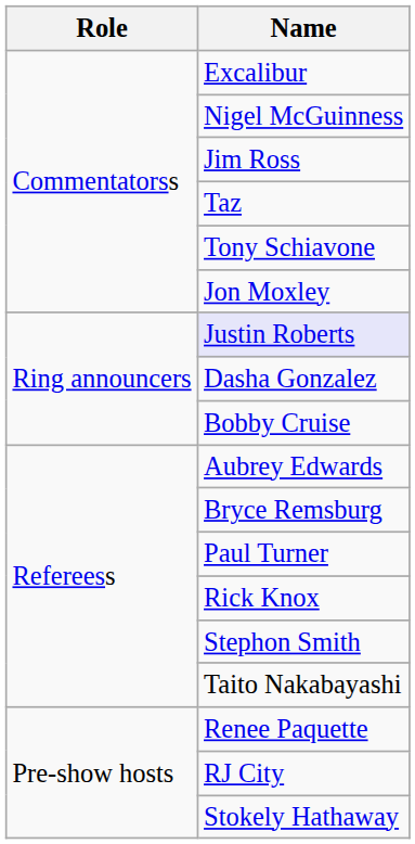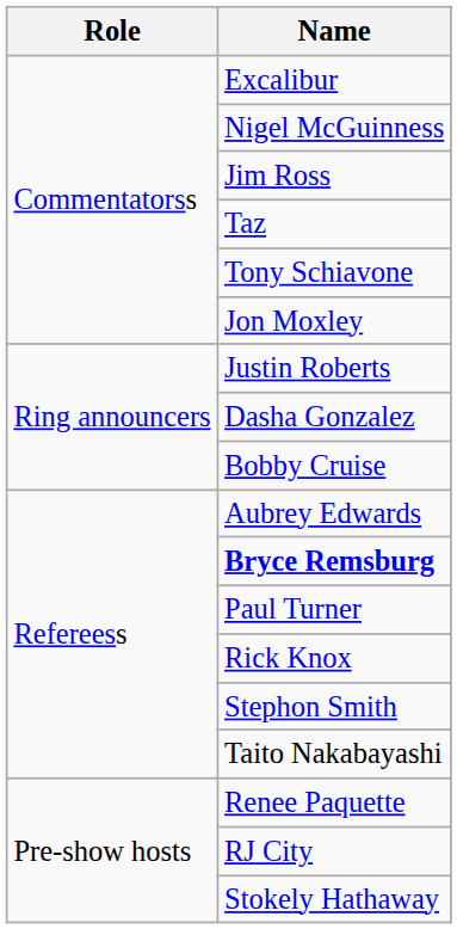 <table class=wikitable style="font-size:90%; margin: 0.5em 0 0.5em 1em; float: right; clear: right;">
 <tr>
 <th>Role</th>
 <th>Name</th>
 </tr>
 <tr>
 <td rowspan="6"><a href='#'>Commentators</a>s</td>
 <td><a href='#'>Excalibur</a> </td>
 </tr>
 <tr>
 <td><a href='#'>Nigel McGuinness</a> </td>
 </tr>
 <tr>
 <td><a href='#'>Jim Ross</a> </td>
 </tr>
 <tr>
 <td><a href='#'>Taz</a> </td>
 </tr>
 <tr>
 <td><a href='#'>Tony Schiavone</a> </td>
 </tr>
 <tr>
 <td><a href='#'>Jon Moxley</a> </td>
 </tr>
 <tr>
 <td rowspan=3><a href='#'>Ring announcers</a></td>
-<td style="background: lavender;"><a href='#'>Justin Roberts</a></td>
+<td><a href='#'>Justin Roberts</a></td>
 </tr>
 <tr>
 <td><a href='#'>Dasha Gonzalez</a></td>
 </tr>
 <tr>
 <td><a href='#'>Bobby Cruise</a></td>
 </tr>
 <tr>
 <td rowspan=6><a href='#'>Referees</a>s</td>
 <td><a href='#'>Aubrey Edwards</a></td>
 </tr>
 <tr>
-<td><a href='#'>Bryce Remsburg</a></td>
+<td><strong><a href='#'>Bryce Remsburg</a></strong></td>
 </tr>
 <tr>
 <td><a href='#'>Paul Turner</a></td>
 </tr>
 <tr>
 <td><a href='#'>Rick Knox</a></td>
 </tr>
 <tr>
 <td><a href='#'>Stephon Smith</a></td>
 </tr>
 <tr>
 <td>Taito Nakabayashi</td>
 </tr>
 <tr>
 <td rowspan=3>Pre-show hosts</td>
 <td><a href='#'>Renee Paquette</a></td>
 </tr>
 <tr>
 <td><a href='#'>RJ City</a></td>
 </tr>
 <tr>
 <td><a href='#'>Stokely Hathaway</a></td>
 </tr>
 </table>
